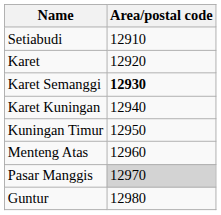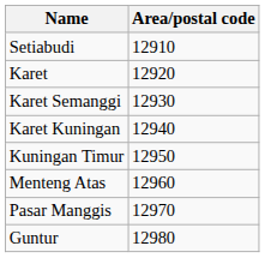 <table class=wikitable>
 <tr>
 <th>Name</th>
 <th>Area/postal code</th>
 </tr>
 <tr>
 <td>Setiabudi</td>
 <td>12910</td>
 </tr>
 <tr>
 <td>Karet</td>
 <td>12920</td>
 </tr>
 <tr>
 <td>Karet Semanggi</td>
-<td><strong>12930</strong></td>
+<td>12930</td>
 </tr>
 <tr>
 <td>Karet Kuningan</td>
 <td>12940</td>
 </tr>
 <tr>
 <td>Kuningan Timur</td>
 <td>12950</td>
 </tr>
 <tr>
 <td>Menteng Atas</td>
 <td>12960</td>
 </tr>
 <tr>
 <td>Pasar Manggis</td>
-<td style="background: lightgrey;">12970</td>
+<td>12970</td>
 </tr>
 <tr>
 <td>Guntur</td>
 <td>12980</td>
 </tr>
 </table>
